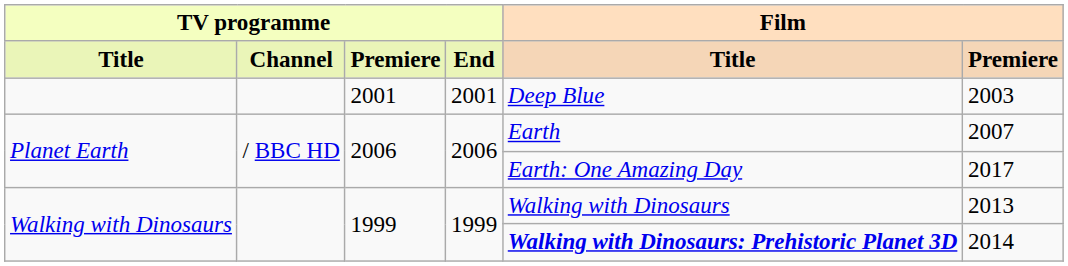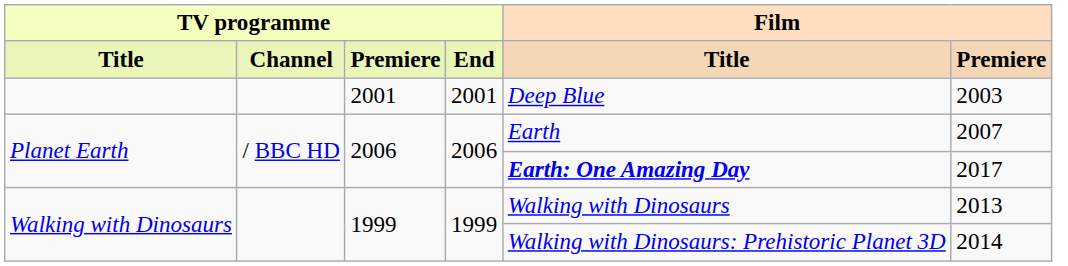 <table class="wikitable sortable">
 <tr>
 <th scope="col" colspan="4" style="background-color:#f4ffc0">TV programme</th>
 <th scope="col" colspan="2" style="background-color:#ffdfbf">Film</th>
 </tr>
 <tr>
 <th scope="col" style="background-color:#eaf5b8">Title</th>
 <th scope="col" style="background-color:#eaf5b8">Channel</th>
 <th scope="col" style="background-color:#eaf5b8">Premiere</th>
 <th scope="col" style="background-color:#eaf5b8">End</th>
 <th scope="col" style="background-color:#f5d6b7">Title</th>
 <th scope="col" style="background-color:#f5d6b7">Premiere</th>
 </tr>
 <tr>
 <td><em></em></td>
 <td></td>
 <td>2001</td>
 <td>2001</td>
 <td><em><a href='#'>Deep Blue</a></em></td>
 <td>2003</td>
 </tr>
 <tr>
 <td rowspan="2"><em><a href='#'>Planet Earth</a></em></td>
 <td rowspan="2"> / <a href='#'>BBC HD</a></td>
 <td rowspan="2">2006</td>
 <td rowspan="2">2006</td>
 <td><em><a href='#'>Earth</a></em></td>
 <td>2007</td>
 </tr>
 <tr>
-<td><em><a href='#'>Earth: One Amazing Day</a></em></td>
+<td><strong><em><a href='#'>Earth: One Amazing Day</a></em></strong></td>
 <td>2017</td>
 </tr>
 <tr>
 <td rowspan="2"><em><a href='#'>Walking with Dinosaurs</a></em></td>
 <td rowspan="2"></td>
 <td rowspan="2">1999</td>
 <td rowspan="2">1999</td>
 <td><em><a href='#'>Walking with Dinosaurs</a></em></td>
 <td>2013</td>
 </tr>
 <tr>
-<td><strong><em><a href='#'>Walking with Dinosaurs: Prehistoric Planet 3D</a></em></strong></td>
+<td><em><a href='#'>Walking with Dinosaurs: Prehistoric Planet 3D</a></em></td>
 <td>2014</td>
 </tr>
 </table>
